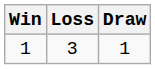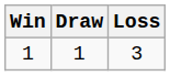 <table class="wikitable">
 <tr>
 <th>Win</th>
+<th>Draw</th>
 <th>Loss</th>
-<th>Draw</th>
 </tr>
 <tr>
 <td align="center">1</td>
+<td align="center">1</td>
 <td align="center">3</td>
-<td align="center">1</td>
 </tr>
 </table>
